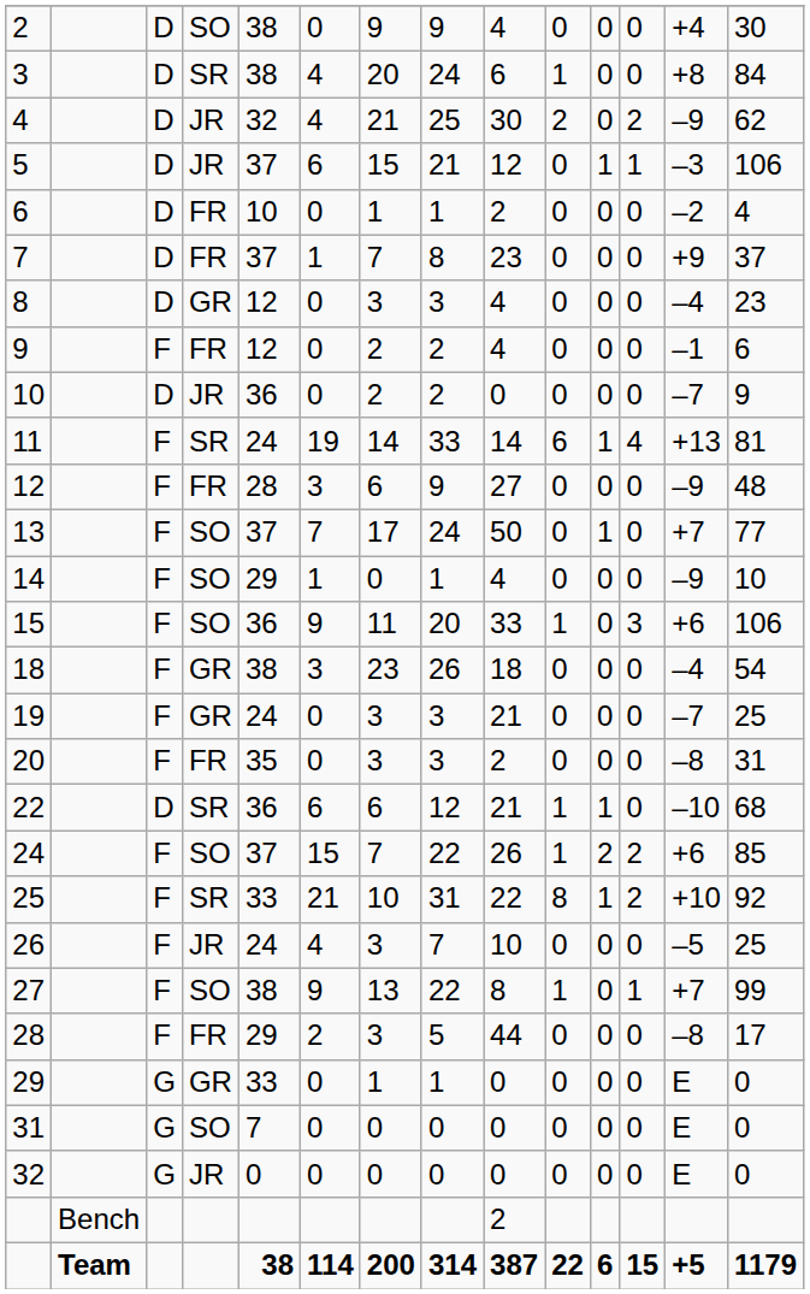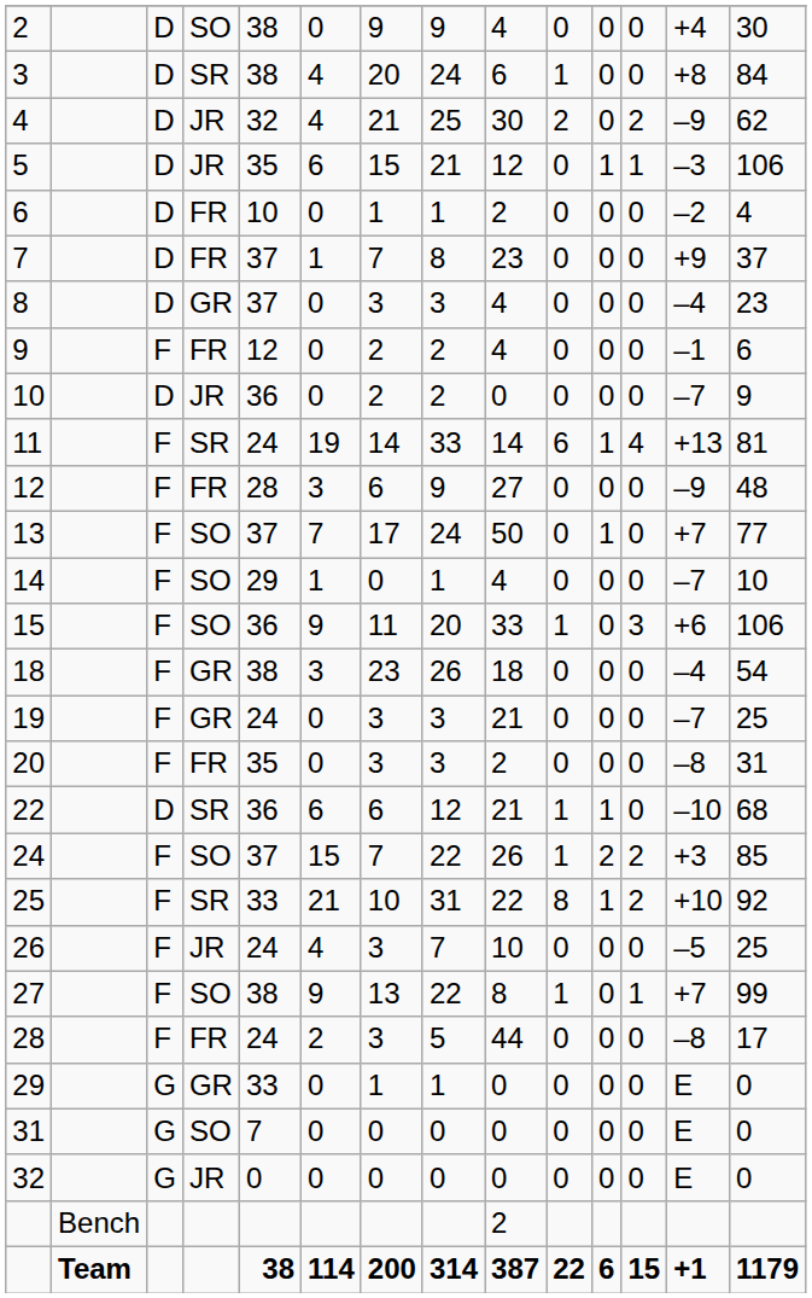 <table class="wikitable sortable">
 <tr>
 </tr>
 <tr>
 <td>2</td>
 <td></td>
 <td>D</td>
 <td>SO</td>
 <td>38</td>
 <td>0</td>
 <td>9</td>
 <td>9</td>
 <td>4</td>
 <td>0</td>
 <td>0</td>
 <td>0</td>
 <td>+4</td>
 <td>30</td>
 </tr>
 <tr>
 <td>3</td>
 <td></td>
 <td>D</td>
 <td>SR</td>
 <td>38</td>
 <td>4</td>
 <td>20</td>
 <td>24</td>
 <td>6</td>
 <td>1</td>
 <td>0</td>
 <td>0</td>
 <td>+8</td>
 <td>84</td>
 </tr>
 <tr>
 <td>4</td>
 <td></td>
 <td>D</td>
 <td>JR</td>
 <td>32</td>
 <td>4</td>
 <td>21</td>
 <td>25</td>
 <td>30</td>
 <td>2</td>
 <td>0</td>
 <td>2</td>
 <td>–9</td>
 <td>62</td>
 </tr>
 <tr>
 <td>5</td>
 <td></td>
 <td>D</td>
 <td>JR</td>
-<td>37</td>
+<td>35</td>
 <td>6</td>
 <td>15</td>
 <td>21</td>
 <td>12</td>
 <td>0</td>
 <td>1</td>
 <td>1</td>
 <td>–3</td>
 <td>106</td>
 </tr>
 <tr>
 <td>6</td>
 <td></td>
 <td>D</td>
 <td>FR</td>
 <td>10</td>
 <td>0</td>
 <td>1</td>
 <td>1</td>
 <td>2</td>
 <td>0</td>
 <td>0</td>
 <td>0</td>
 <td>–2</td>
 <td>4</td>
 </tr>
 <tr>
 <td>7</td>
 <td></td>
 <td>D</td>
 <td>FR</td>
 <td>37</td>
 <td>1</td>
 <td>7</td>
 <td>8</td>
 <td>23</td>
 <td>0</td>
 <td>0</td>
 <td>0</td>
 <td>+9</td>
 <td>37</td>
 </tr>
 <tr>
 <td>8</td>
 <td></td>
 <td>D</td>
 <td>GR</td>
-<td>12</td>
+<td>37</td>
 <td>0</td>
 <td>3</td>
 <td>3</td>
 <td>4</td>
 <td>0</td>
 <td>0</td>
 <td>0</td>
 <td>–4</td>
 <td>23</td>
 </tr>
 <tr>
 <td>9</td>
 <td></td>
 <td>F</td>
 <td>FR</td>
 <td>12</td>
 <td>0</td>
 <td>2</td>
 <td>2</td>
 <td>4</td>
 <td>0</td>
 <td>0</td>
 <td>0</td>
 <td>–1</td>
 <td>6</td>
 </tr>
 <tr>
 <td>10</td>
 <td></td>
 <td>D</td>
 <td>JR</td>
 <td>36</td>
 <td>0</td>
 <td>2</td>
 <td>2</td>
 <td>0</td>
 <td>0</td>
 <td>0</td>
 <td>0</td>
 <td>–7</td>
 <td>9</td>
 </tr>
 <tr>
 <td>11</td>
 <td></td>
 <td>F</td>
 <td>SR</td>
 <td>24</td>
 <td>19</td>
 <td>14</td>
 <td>33</td>
 <td>14</td>
 <td>6</td>
 <td>1</td>
 <td>4</td>
 <td>+13</td>
 <td>81</td>
 </tr>
 <tr>
 <td>12</td>
 <td></td>
 <td>F</td>
 <td>FR</td>
 <td>28</td>
 <td>3</td>
 <td>6</td>
 <td>9</td>
 <td>27</td>
 <td>0</td>
 <td>0</td>
 <td>0</td>
 <td>–9</td>
 <td>48</td>
 </tr>
 <tr>
 <td>13</td>
 <td></td>
 <td>F</td>
 <td>SO</td>
 <td>37</td>
 <td>7</td>
 <td>17</td>
 <td>24</td>
 <td>50</td>
 <td>0</td>
 <td>1</td>
 <td>0</td>
 <td>+7</td>
 <td>77</td>
 </tr>
 <tr>
 <td>14</td>
 <td></td>
 <td>F</td>
 <td>SO</td>
 <td>29</td>
 <td>1</td>
 <td>0</td>
 <td>1</td>
 <td>4</td>
 <td>0</td>
 <td>0</td>
 <td>0</td>
-<td>–9</td>
+<td>–7</td>
 <td>10</td>
 </tr>
 <tr>
 <td>15</td>
 <td></td>
 <td>F</td>
 <td>SO</td>
 <td>36</td>
 <td>9</td>
 <td>11</td>
 <td>20</td>
 <td>33</td>
 <td>1</td>
 <td>0</td>
 <td>3</td>
 <td>+6</td>
 <td>106</td>
 </tr>
 <tr>
 <td>18</td>
 <td></td>
 <td>F</td>
 <td>GR</td>
 <td>38</td>
 <td>3</td>
 <td>23</td>
 <td>26</td>
 <td>18</td>
 <td>0</td>
 <td>0</td>
 <td>0</td>
 <td>–4</td>
 <td>54</td>
 </tr>
 <tr>
 <td>19</td>
 <td></td>
 <td>F</td>
 <td>GR</td>
 <td>24</td>
 <td>0</td>
 <td>3</td>
 <td>3</td>
 <td>21</td>
 <td>0</td>
 <td>0</td>
 <td>0</td>
 <td>–7</td>
 <td>25</td>
 </tr>
 <tr>
 <td>20</td>
 <td></td>
 <td>F</td>
 <td>FR</td>
 <td>35</td>
 <td>0</td>
 <td>3</td>
 <td>3</td>
 <td>2</td>
 <td>0</td>
 <td>0</td>
 <td>0</td>
 <td>–8</td>
 <td>31</td>
 </tr>
 <tr>
 <td>22</td>
 <td></td>
 <td>D</td>
 <td>SR</td>
 <td>36</td>
 <td>6</td>
 <td>6</td>
 <td>12</td>
 <td>21</td>
 <td>1</td>
 <td>1</td>
 <td>0</td>
 <td>–10</td>
 <td>68</td>
 </tr>
 <tr>
 <td>24</td>
 <td></td>
 <td>F</td>
 <td>SO</td>
 <td>37</td>
 <td>15</td>
 <td>7</td>
 <td>22</td>
 <td>26</td>
 <td>1</td>
 <td>2</td>
 <td>2</td>
-<td>+6</td>
+<td>+3</td>
 <td>85</td>
 </tr>
 <tr>
 <td>25</td>
 <td></td>
 <td>F</td>
 <td>SR</td>
 <td>33</td>
 <td>21</td>
 <td>10</td>
 <td>31</td>
 <td>22</td>
 <td>8</td>
 <td>1</td>
 <td>2</td>
 <td>+10</td>
 <td>92</td>
 </tr>
 <tr>
 <td>26</td>
 <td></td>
 <td>F</td>
 <td>JR</td>
 <td>24</td>
 <td>4</td>
 <td>3</td>
 <td>7</td>
 <td>10</td>
 <td>0</td>
 <td>0</td>
 <td>0</td>
 <td>–5</td>
 <td>25</td>
 </tr>
 <tr>
 <td>27</td>
 <td></td>
 <td>F</td>
 <td>SO</td>
 <td>38</td>
 <td>9</td>
 <td>13</td>
 <td>22</td>
 <td>8</td>
 <td>1</td>
 <td>0</td>
 <td>1</td>
 <td>+7</td>
 <td>99</td>
 </tr>
 <tr>
 <td>28</td>
 <td></td>
 <td>F</td>
 <td>FR</td>
-<td>29</td>
+<td>24</td>
 <td>2</td>
 <td>3</td>
 <td>5</td>
 <td>44</td>
 <td>0</td>
 <td>0</td>
 <td>0</td>
 <td>–8</td>
 <td>17</td>
 </tr>
 <tr>
 <td>29</td>
 <td></td>
 <td>G</td>
 <td>GR</td>
 <td>33</td>
 <td>0</td>
 <td>1</td>
 <td>1</td>
 <td>0</td>
 <td>0</td>
 <td>0</td>
 <td>0</td>
 <td>E</td>
 <td>0</td>
 </tr>
 <tr>
 <td>31</td>
 <td></td>
 <td>G</td>
 <td>SO</td>
 <td>7</td>
 <td>0</td>
 <td>0</td>
 <td>0</td>
 <td>0</td>
 <td>0</td>
 <td>0</td>
 <td>0</td>
 <td>E</td>
 <td>0</td>
 </tr>
 <tr>
 <td>32</td>
 <td></td>
 <td>G</td>
 <td>JR</td>
 <td>0</td>
 <td>0</td>
 <td>0</td>
 <td>0</td>
 <td>0</td>
 <td>0</td>
 <td>0</td>
 <td>0</td>
 <td>E</td>
 <td>0</td>
 </tr>
 <tr>
 <td> </td>
 <td>Bench</td>
 <td></td>
 <td></td>
 <td></td>
 <td></td>
 <td></td>
 <td></td>
 <td>2</td>
 <td></td>
 <td></td>
 <td></td>
 <td></td>
 <td></td>
 </tr>
 <tr class="sortbottom">
 <td></td>
 <td><strong>Team</strong></td>
 <td></td>
 <td></td>
 <td>  <strong>38</strong></td>
 <td><strong>114</strong></td>
 <td><strong>200</strong></td>
 <td><strong>314</strong></td>
 <td><strong>387</strong></td>
 <td><strong>22</strong></td>
 <td><strong>6</strong></td>
 <td><strong>15</strong></td>
-<td><strong>+5</strong></td>
+<td><strong>+1</strong></td>
 <td><strong>1179</strong></td>
 </tr>
 </table>
